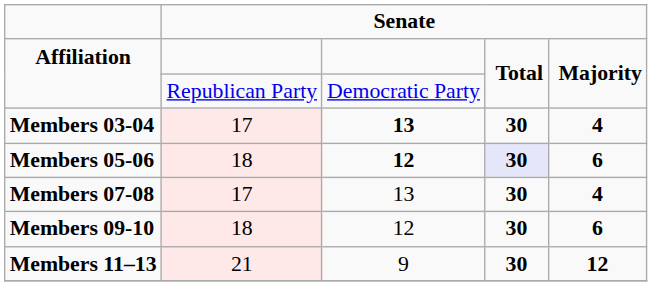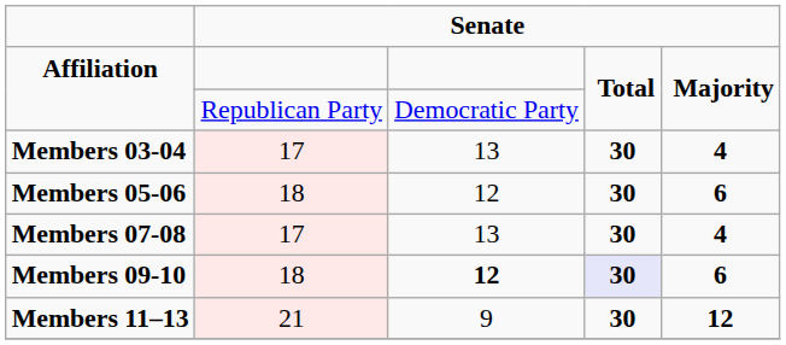 <table class="wikitable">
 <tr>
 <td style="text-align:center;vertical-align:top;"></td>
 <td colspan="4" align="center" valign="top"><strong>Senate</strong></td>
 </tr>
 <tr>
 <td rowspan="2" style="text-align:center;vertical-align:top;"><strong>Affiliation</strong></td>
 <td style="background-color:"> </td>
 <td style="background-color:"> </td>
 <td rowspan="2"> <strong>Total</strong></td>
 <td rowspan="2"> <strong>Majority</strong><br></td>
 </tr>
 <tr>
 <td><a href='#'>Republican Party</a></td>
 <td><a href='#'>Democratic Party</a></td>
 </tr>
 <tr>
 <td><strong>Members 03-04</strong></td>
 <td style="background:#FFE8E8" align=center>17</td>
-<td style="text-align:center;"><strong>13</strong></td>
+<td style="text-align:center;">13</td>
 <td style="text-align:center;"><strong>30</strong></td>
 <td style="text-align:center;"><strong>4</strong></td>
 </tr>
 <tr>
 <td><strong>Members 05-06</strong></td>
 <td style="background:#FFE8E8" align=center>18</td>
-<td style="text-align:center;"><strong>12</strong></td>
-<td style="background: lavender; text-align:center;"><strong>30</strong></td>
+<td style="text-align:center;">12</td>
+<td style="text-align:center;"><strong>30</strong></td>
 <td style="text-align:center;"><strong>6</strong></td>
 </tr>
 <tr>
 <td><strong>Members 07-08</strong></td>
 <td style="background:#FFE8E8" align=center>17</td>
 <td style="text-align:center;">13</td>
 <td style="text-align:center;"><strong>30</strong></td>
 <td style="text-align:center;"><strong>4</strong></td>
 </tr>
 <tr>
 <td><strong>Members 09-10</strong></td>
 <td style="background:#FFE8E8" align=center>18</td>
-<td style="text-align:center;">12</td>
-<td style="text-align:center;"><strong>30</strong></td>
+<td style="text-align:center;"><strong>12</strong></td>
+<td style="background: lavender; text-align:center;"><strong>30</strong></td>
 <td style="text-align:center;"><strong>6</strong></td>
 </tr>
 <tr>
 <td><strong>Members 11–13</strong></td>
 <td style="background:#FFE8E8" align=center>21</td>
 <td style="text-align:center;">9</td>
 <td style="text-align:center;"><strong>30</strong></td>
 <td style="text-align:center;"><strong>12</strong></td>
 </tr>
 <tr>
 </tr>
 </table>
